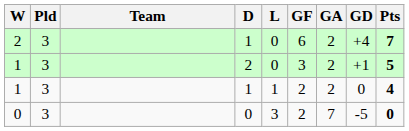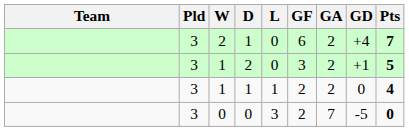 <table class="wikitable" style="text-align: center;">
 <tr>
+<th width="175">Team</th>
+<th width="20">Pld</th>
 <th width="20">W</th>
-<th width="20">Pld</th>
-<th width="175">Team</th>
 <th width="20">D</th>
 <th width="20">L</th>
 <th width="20">GF</th>
 <th width="20">GA</th>
 <th width="20">GD</th>
 <th width="20">Pts</th>
 </tr>
 <tr bgcolor=#ccffcc>
+<td align=left></td>
+<td>3</td>
 <td>2</td>
-<td>3</td>
-<td align=left></td>
 <td>1</td>
 <td>0</td>
 <td>6</td>
 <td>2</td>
 <td>+4</td>
 <td><strong>7</strong></td>
 </tr>
 <tr bgcolor=#ccffcc>
+<td align=left></td>
+<td>3</td>
 <td>1</td>
-<td>3</td>
-<td align=left></td>
 <td>2</td>
 <td>0</td>
 <td>3</td>
 <td>2</td>
 <td>+1</td>
 <td><strong>5</strong></td>
 </tr>
 <tr>
+<td align=left></td>
+<td>3</td>
 <td>1</td>
-<td>3</td>
-<td align=left></td>
 <td>1</td>
 <td>1</td>
 <td>2</td>
 <td>2</td>
 <td>0</td>
 <td><strong>4</strong></td>
 </tr>
 <tr>
+<td align=left></td>
+<td>3</td>
 <td>0</td>
-<td>3</td>
-<td align=left></td>
 <td>0</td>
 <td>3</td>
 <td>2</td>
 <td>7</td>
 <td>-5</td>
 <td><strong>0</strong></td>
 </tr>
 </table>
